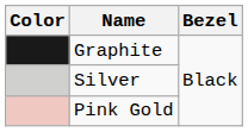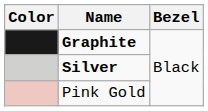 <table class="wikitable">
 <tr>
 <th>Color</th>
 <th>Name</th>
 <th>Bezel </th>
 </tr>
 <tr>
 <td bgcolor="191919"></td>
-<td>Graphite</td>
+<td><strong>Graphite</strong></td>
 <td rowspan="3">Black</td>
 </tr>
 <tr>
 <td bgcolor="d0d0ce"></td>
-<td>Silver</td>
+<td><strong>Silver</strong></td>
 </tr>
 <tr>
 <td bgcolor="F0C8C2"></td>
 <td>Pink Gold</td>
 </tr>
 </table>
